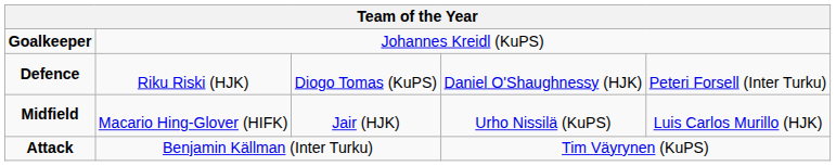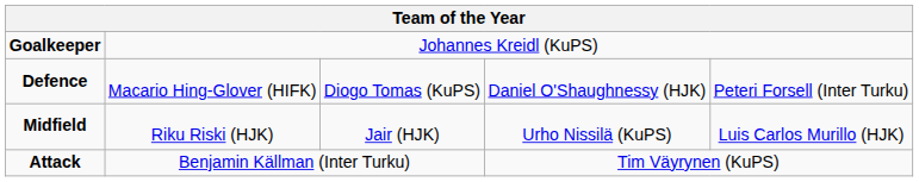 <table class="wikitable" style="text-align:center">
 <tr>
 <th colspan="13">Team of the Year</th>
 </tr>
 <tr>
 <td><strong>Goalkeeper</strong></td>
 <td colspan="4"> <a href='#'>Johannes Kreidl</a> (KuPS)</td>
 </tr>
 <tr>
 <td><strong>Defence</strong></td>
-<td><br><a href='#'>Riku Riski</a> (HJK)</td>
+<td lowspan="1"><br><a href='#'>Macario Hing-Glover</a> (HIFK)</td>
 <td lowspan="1"><br><a href='#'>Diogo Tomas</a> (KuPS)</td>
 <td><br><a href='#'>Daniel O'Shaughnessy</a> (HJK)</td>
 <td lowspan="1"><br><a href='#'>Peteri Forsell</a> (Inter Turku)</td>
 </tr>
 <tr>
 <td><strong>Midfield</strong></td>
-<td lowspan="1"><br><a href='#'>Macario Hing-Glover</a> (HIFK)</td>
+<td><br><a href='#'>Riku Riski</a> (HJK)</td>
 <td lowspan="1"><br> <a href='#'>Jair</a> (HJK)</td>
 <td lowspan="1"><br><a href='#'>Urho Nissilä</a> (KuPS)</td>
 <td><br><a href='#'>Luis Carlos Murillo</a> (HJK)</td>
 </tr>
 <tr>
 <td><strong>Attack</strong></td>
 <td colspan="2.5"> <a href='#'>Benjamin Källman</a> (Inter Turku)</td>
 <td colspan="2.5"> <a href='#'>Tim Väyrynen</a> (KuPS)</td>
 </tr>
 </table>
